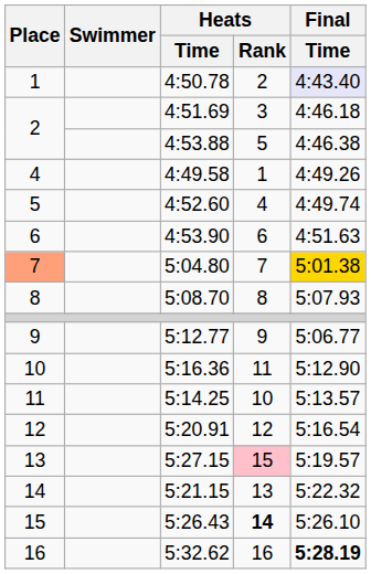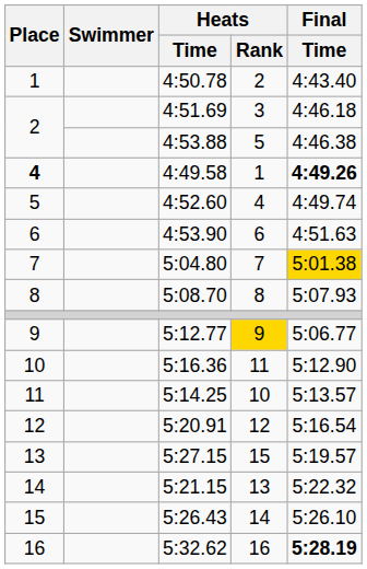 <table class="wikitable" style="text-align:center;">
 <tr>
 <th rowspan="2">Place</th>
 <th rowspan="2">Swimmer</th>
 <th colspan="2">Heats</th>
 <th>Final</th>
 </tr>
 <tr>
 <th>Time</th>
 <th>Rank</th>
 <th>Time</th>
 </tr>
 <tr>
 <td>1</td>
 <td align="left"></td>
 <td>4:50.78</td>
 <td>2</td>
-<td style="background: lavender;">4:43.40</td>
+<td>4:43.40</td>
 </tr>
 <tr>
 <td rowspan=2>2</td>
 <td align=left></td>
 <td>4:51.69</td>
 <td>3</td>
 <td>4:46.18</td>
 </tr>
 <tr>
 <td align=left></td>
 <td>4:53.88</td>
 <td>5</td>
 <td>4:46.38</td>
 </tr>
 <tr>
-<td>4</td>
+<td><strong>4</strong></td>
 <td align=left></td>
 <td>4:49.58</td>
 <td>1</td>
-<td>4:49.26</td>
+<td><strong>4:49.26</strong></td>
 </tr>
 <tr>
 <td>5</td>
 <td align=left></td>
 <td>4:52.60</td>
 <td>4</td>
 <td>4:49.74</td>
 </tr>
 <tr>
 <td>6</td>
 <td align=left></td>
 <td>4:53.90</td>
 <td>6</td>
 <td>4:51.63</td>
 </tr>
 <tr>
-<td style="background: lightsalmon;">7</td>
+<td>7</td>
 <td align=left></td>
 <td>5:04.80</td>
 <td>7</td>
 <td style="background: gold;">5:01.38</td>
 </tr>
 <tr>
 <td>8</td>
 <td align=left></td>
 <td>5:08.70</td>
 <td>8</td>
 <td>5:07.93</td>
 </tr>
 <tr>
 <td colspan=5 bgcolor=lightgray></td>
 </tr>
 <tr>
 <td>9</td>
 <td align=left></td>
 <td>5:12.77</td>
-<td>9</td>
+<td style="background: gold;">9</td>
 <td>5:06.77</td>
 </tr>
 <tr>
 <td>10</td>
 <td align=left></td>
 <td>5:16.36</td>
 <td>11</td>
 <td>5:12.90</td>
 </tr>
 <tr>
 <td>11</td>
 <td align=left></td>
 <td>5:14.25</td>
 <td>10</td>
 <td>5:13.57</td>
 </tr>
 <tr>
 <td>12</td>
 <td align=left></td>
 <td>5:20.91</td>
 <td>12</td>
 <td>5:16.54</td>
 </tr>
 <tr>
 <td>13</td>
 <td align=left></td>
 <td>5:27.15</td>
-<td style="background: pink;">15</td>
+<td>15</td>
 <td>5:19.57</td>
 </tr>
 <tr>
 <td>14</td>
 <td align=left></td>
 <td>5:21.15</td>
 <td>13</td>
 <td>5:22.32</td>
 </tr>
 <tr>
 <td>15</td>
 <td align=left></td>
 <td>5:26.43</td>
-<td><strong>14</strong></td>
+<td>14</td>
 <td>5:26.10</td>
 </tr>
 <tr>
 <td>16</td>
 <td align=left></td>
 <td>5:32.62</td>
 <td>16</td>
 <td><strong>5:28.19</strong></td>
 </tr>
 </table>
